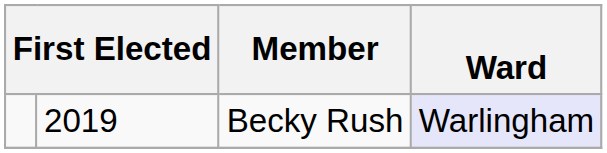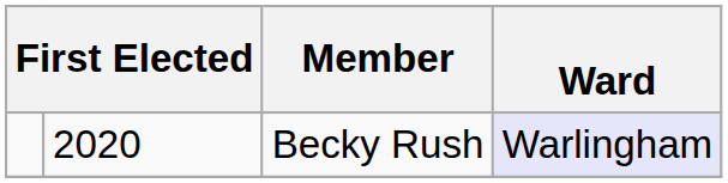 <table class="wikitable">
 <tr>
 <th colspan="2">First Elected</th>
 <th>Member</th>
 <th><br>Ward</th>
 </tr>
 <tr>
 <td style="background-color: "></td>
-<td>2019</td>
+<td>2020</td>
 <td>Becky Rush</td>
 <td style="background: lavender;">Warlingham</td>
 </tr>
 <tr>
 </tr>
 </table>
